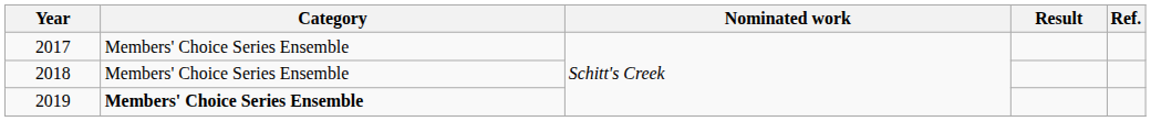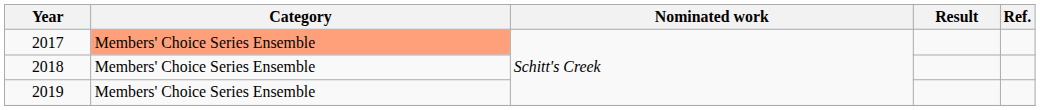 <table class=wikitable>
 <tr>
 <th scope="col" style="width:5em;">Year</th>
 <th scope="col" style="width:26em;">Category</th>
 <th scope="col" style="width:25em;">Nominated work</th>
 <th scope="col" style="width:5em;">Result</th>
 <th>Ref.</th>
 </tr>
 <tr>
 <td style="text-align:center;">2017</td>
-<td>Members' Choice Series Ensemble</td>
+<td style="background: lightsalmon;">Members' Choice Series Ensemble</td>
 <td rowspan=3><em>Schitt's Creek</em></td>
 <td></td>
 <td style="text-align:center;"></td>
 </tr>
 <tr>
 <td style="text-align:center;">2018</td>
 <td>Members' Choice Series Ensemble</td>
 <td></td>
 <td style="text-align:center;"></td>
 </tr>
 <tr>
 <td style="text-align:center;">2019</td>
-<td><strong>Members' Choice Series Ensemble</strong></td>
+<td>Members' Choice Series Ensemble</td>
 <td></td>
 <td style="text-align:center;"></td>
 </tr>
 <tr>
 </tr>
 </table>
